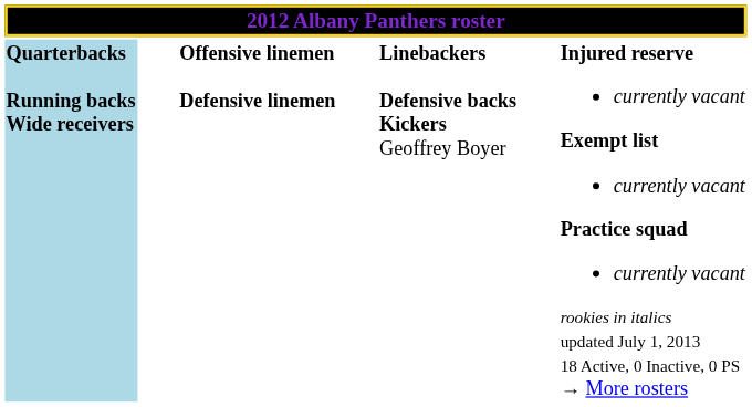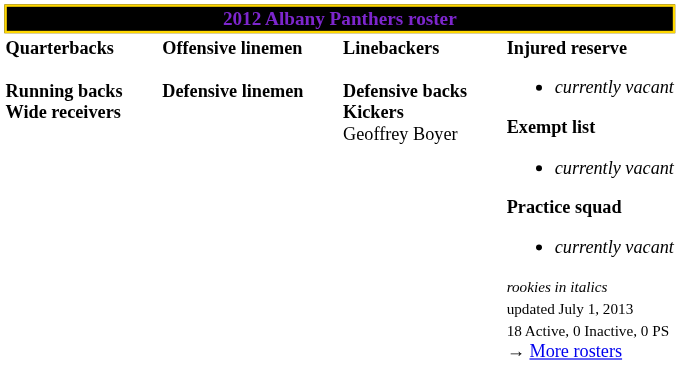 <table class="toccolours" style="text-align: left;">
 <tr>
 <th colspan="7" style="background-color:#000000; border:2px  solid gold; color:#7D26CD; text-align:center;"><strong>2012 Albany Panthers roster</strong></th>
 </tr>
 <tr>
-<td style="background: lightblue; font-size: 95%;" valign="top"><strong>Quarterbacks</strong><br> <br><strong>Running backs</strong> <br><strong>Wide receivers</strong>   </td>
+<td style="font-size: 95%;" valign="top"><strong>Quarterbacks</strong><br> <br><strong>Running backs</strong> <br><strong>Wide receivers</strong>   </td>
 <td style="width: 25px;"></td>
 <td style="font-size: 95%;" valign="top"><strong>Offensive linemen</strong><br>  <br><strong>Defensive linemen</strong>   </td>
 <td style="width: 25px;"></td>
 <td style="font-size: 95%;" valign="top"><strong>Linebackers</strong><br> <br><strong>Defensive backs</strong>   <br><strong>Kickers</strong><br>Geoffrey Boyer</td>
 <td style="width: 25px;"></td>
 <td style="font-size: 95%;" valign="top"><strong>Injured reserve</strong><br><ul><li><em>currently vacant</em></li></ul><strong>Exempt list</strong><ul><li><em>currently vacant</em></li></ul><strong>Practice squad</strong><ul><li><em>currently vacant</em></li></ul><small><em>rookies in italics</em><br> updated July 1, 2013</small><br> <small>18 Active, 0 Inactive, 0 PS</small><br>→ <a href='#'>More rosters</a></td>
 </tr>
 <tr>
 </tr>
 </table>
